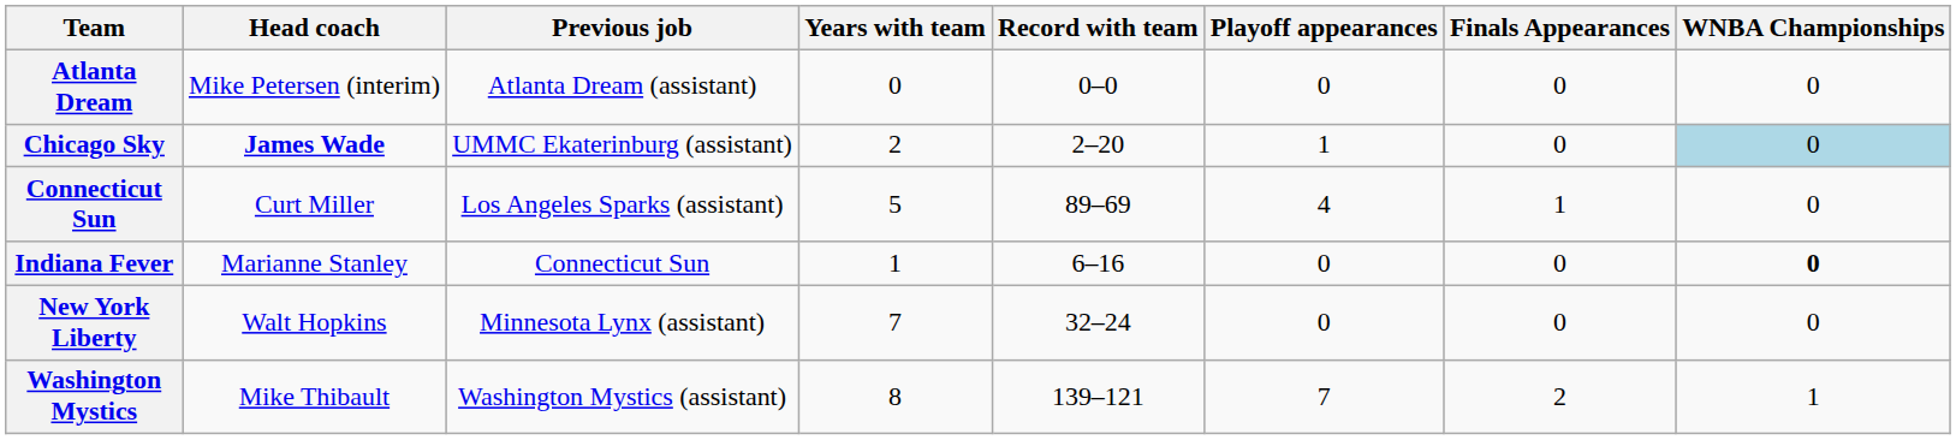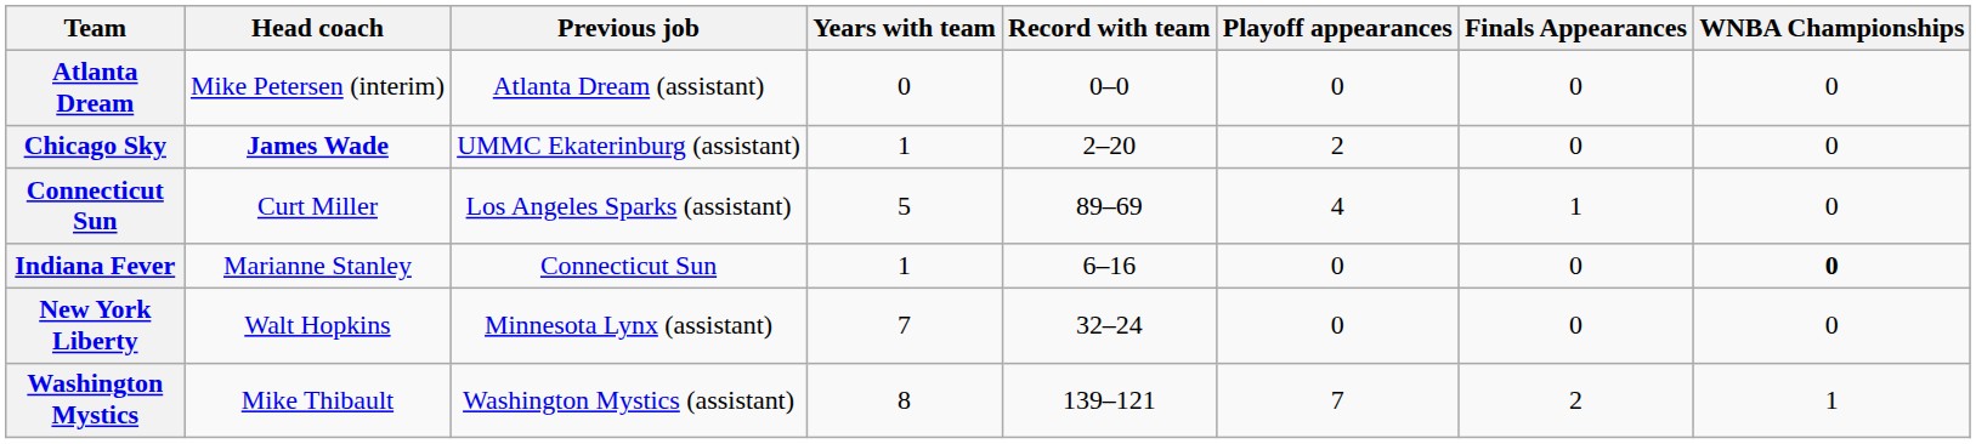 <table class="wikitable sortable" style="text-align: center;font-size:90%;">
 <tr>
 <th width="90">Team</th>
 <th>Head coach</th>
 <th>Previous job</th>
 <th>Years with team</th>
 <th>Record with team</th>
 <th>Playoff appearances</th>
 <th>Finals Appearances</th>
 <th>WNBA Championships</th>
 </tr>
 <tr>
 <th><a href='#'><span>Atlanta Dream</span></a></th>
 <td><a href='#'>Mike Petersen</a> (interim)</td>
 <td><a href='#'>Atlanta Dream</a> (assistant)</td>
 <td>0</td>
 <td>0–0</td>
 <td>0</td>
 <td>0</td>
 <td>0</td>
 </tr>
 <tr>
 <th><a href='#'><span>Chicago Sky</span></a></th>
 <td><strong><a href='#'>James Wade</a></strong></td>
 <td><a href='#'>UMMC Ekaterinburg</a> (assistant)</td>
+<td>1</td>
+<td>2–20</td>
 <td>2</td>
-<td>2–20</td>
-<td>1</td>
 <td>0</td>
-<td style="background: lightblue;">0</td>
+<td>0</td>
 </tr>
 <tr>
 <th><a href='#'><span>Connecticut Sun</span></a></th>
 <td><a href='#'>Curt Miller</a></td>
 <td><a href='#'>Los Angeles Sparks</a> (assistant)</td>
 <td>5</td>
 <td>89–69</td>
 <td>4</td>
 <td>1</td>
 <td>0</td>
 </tr>
 <tr>
 <th><a href='#'><span>Indiana Fever</span></a></th>
 <td><a href='#'>Marianne Stanley</a></td>
 <td><a href='#'>Connecticut Sun</a></td>
 <td>1</td>
 <td>6–16</td>
 <td>0</td>
 <td>0</td>
 <td><strong>0</strong></td>
 </tr>
 <tr>
 <th><a href='#'><span>New York Liberty</span></a></th>
 <td><a href='#'>Walt Hopkins</a></td>
 <td><a href='#'>Minnesota Lynx</a> (assistant)</td>
 <td>7</td>
 <td>32–24</td>
 <td>0</td>
 <td>0</td>
 <td>0</td>
 </tr>
 <tr>
 <th><a href='#'><span>Washington Mystics</span></a></th>
 <td><a href='#'>Mike Thibault</a></td>
 <td><a href='#'>Washington Mystics</a> (assistant)</td>
 <td>8</td>
 <td>139–121</td>
 <td>7</td>
 <td>2</td>
 <td>1</td>
 </tr>
 </table>
